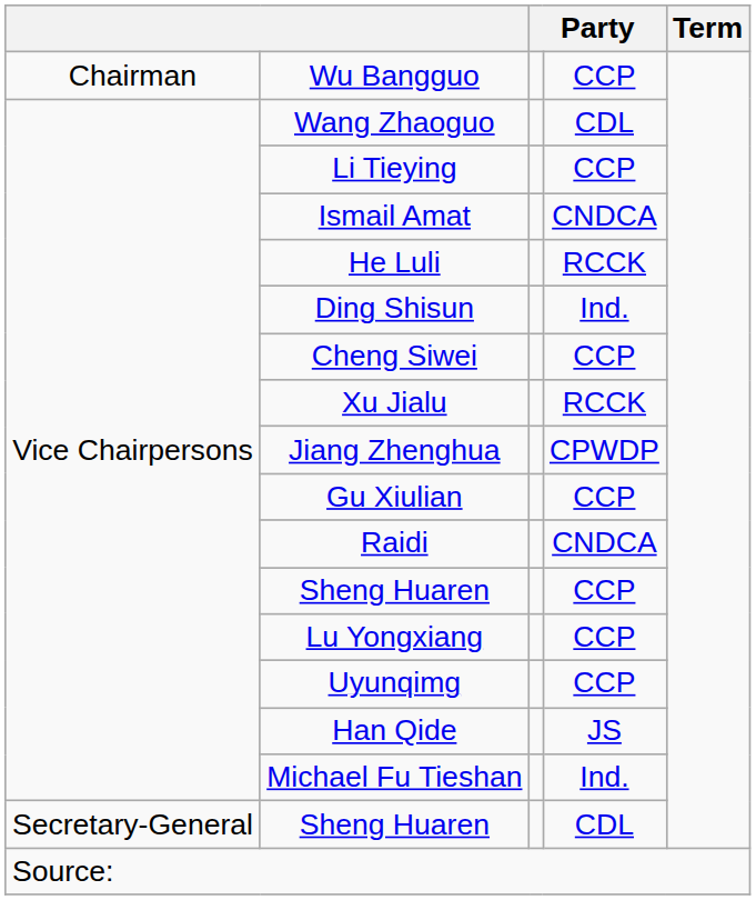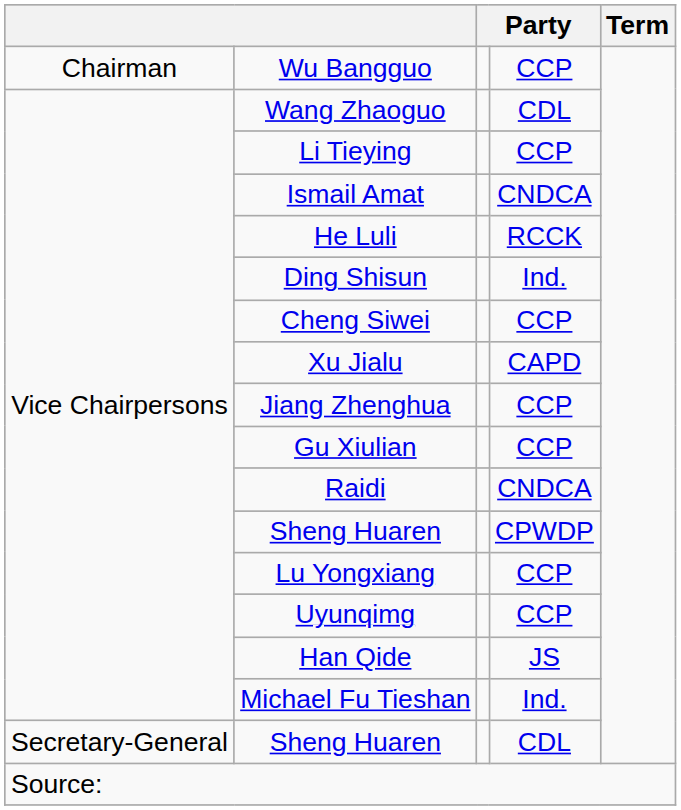 <table class="wikitable" style="text-align:center">
 <tr>
 <th colspan="2"></th>
 <th colspan="2">Party</th>
 <th>Term</th>
 </tr>
 <tr>
 <td>Chairman</td>
 <td><a href='#'>Wu Bangguo</a></td>
 <td style="background:"></td>
 <td><a href='#'>CCP</a></td>
 <td rowspan="17"></td>
 </tr>
 <tr>
 <td rowspan="15">Vice Chairpersons</td>
 <td><a href='#'>Wang Zhaoguo</a></td>
 <td style="background:"></td>
 <td><a href='#'>CDL</a></td>
 </tr>
 <tr>
 <td><a href='#'>Li Tieying</a></td>
 <td style="background:"></td>
 <td><a href='#'>CCP</a></td>
 </tr>
 <tr>
 <td><a href='#'>Ismail Amat</a></td>
 <td style="background:"></td>
 <td><a href='#'>CNDCA</a></td>
 </tr>
 <tr>
 <td><a href='#'>He Luli</a></td>
 <td style="background:"></td>
 <td><a href='#'>RCCK</a></td>
 </tr>
 <tr>
 <td><a href='#'>Ding Shisun</a></td>
 <td style="background:"></td>
 <td><a href='#'>Ind.</a></td>
 </tr>
 <tr>
 <td><a href='#'>Cheng Siwei</a></td>
 <td style="background:"></td>
 <td><a href='#'>CCP</a></td>
 </tr>
 <tr>
 <td><a href='#'>Xu Jialu</a></td>
 <td style="background:"></td>
-<td><a href='#'>RCCK</a></td>
+<td><a href='#'>CAPD</a></td>
 </tr>
 <tr>
 <td><a href='#'>Jiang Zhenghua</a></td>
 <td style="background:"></td>
-<td><a href='#'>CPWDP</a></td>
+<td><a href='#'>CCP</a></td>
 </tr>
 <tr>
 <td><a href='#'>Gu Xiulian</a></td>
 <td style="background:"></td>
 <td><a href='#'>CCP</a></td>
 </tr>
 <tr>
 <td><a href='#'>Raidi</a></td>
 <td style="background:"></td>
 <td><a href='#'>CNDCA</a></td>
 </tr>
 <tr>
 <td><a href='#'>Sheng Huaren</a></td>
 <td style="background:"></td>
-<td><a href='#'>CCP</a></td>
+<td><a href='#'>CPWDP</a></td>
 </tr>
 <tr>
 <td><a href='#'>Lu Yongxiang</a></td>
 <td style="background:"></td>
 <td><a href='#'>CCP</a></td>
 </tr>
 <tr>
 <td><a href='#'>Uyunqimg</a></td>
 <td style="background:"></td>
 <td><a href='#'>CCP</a></td>
 </tr>
 <tr>
 <td><a href='#'>Han Qide</a></td>
 <td style="background:"></td>
 <td><a href='#'>JS</a></td>
 </tr>
 <tr>
 <td><a href='#'>Michael Fu Tieshan</a></td>
 <td style="background:"></td>
 <td><a href='#'>Ind.</a></td>
 </tr>
 <tr>
 <td>Secretary-General</td>
 <td><a href='#'>Sheng Huaren</a></td>
 <td style="background:"></td>
 <td><a href='#'>CDL</a></td>
 </tr>
 <tr>
 <td colspan="5" align="left">Source:</td>
 </tr>
 </table>
